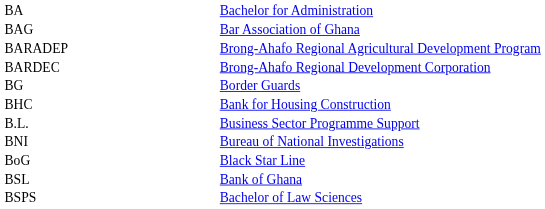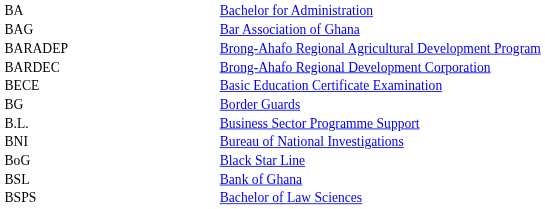 <table width="100%" style="text-verticalalign:top">
 <tr>
 <td width="20%">BA</td>
 <td width="40%"><a href='#'>Bachelor for Administration</a></td>
 <td width="40%"></td>
 </tr>
 <tr>
 <td>BAG</td>
 <td><a href='#'>Bar Association of Ghana</a></td>
 </tr>
 <tr>
 <td>BARADEP</td>
 <td><a href='#'>Brong-Ahafo Regional Agricultural Development Program</a></td>
 <td></td>
 </tr>
 <tr>
 <td>BARDEC</td>
 <td><a href='#'>Brong-Ahafo Regional Development Corporation</a></td>
 <td></td>
 </tr>
 <tr>
-<td>BG</td>
-<td><a href='#'>Border Guards</a></td>
+<td>BECE</td>
+<td><a href='#'>Basic Education Certificate Examination</a></td>
 <td></td>
 </tr>
 <tr>
-<td>BHC</td>
-<td><a href='#'>Bank for Housing Construction</a></td>
+<td>BG</td>
+<td><a href='#'>Border Guards</a></td>
 <td></td>
 </tr>
 <tr>
 <td>B.L.</td>
 <td><a href='#'>Business Sector Programme Support</a></td>
 <td></td>
 </tr>
 <tr>
 <td>BNI</td>
 <td><a href='#'>Bureau of National Investigations</a></td>
 <td></td>
 </tr>
 <tr>
 <td>BoG</td>
 <td><a href='#'>Black Star Line</a></td>
 <td></td>
 </tr>
 <tr>
 <td>BSL</td>
 <td><a href='#'>Bank of Ghana</a></td>
 <td></td>
 </tr>
 <tr>
 <td>BSPS</td>
 <td><a href='#'>Bachelor of Law Sciences</a></td>
 <td></td>
 </tr>
 </table>
